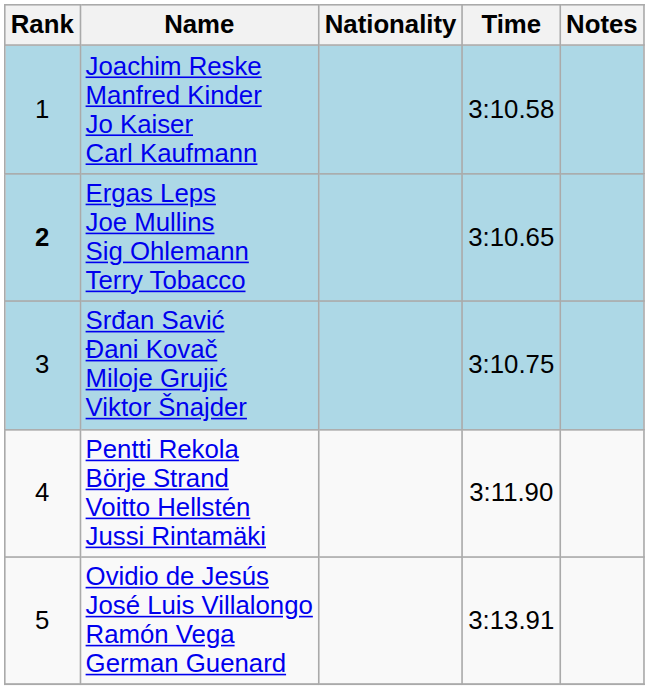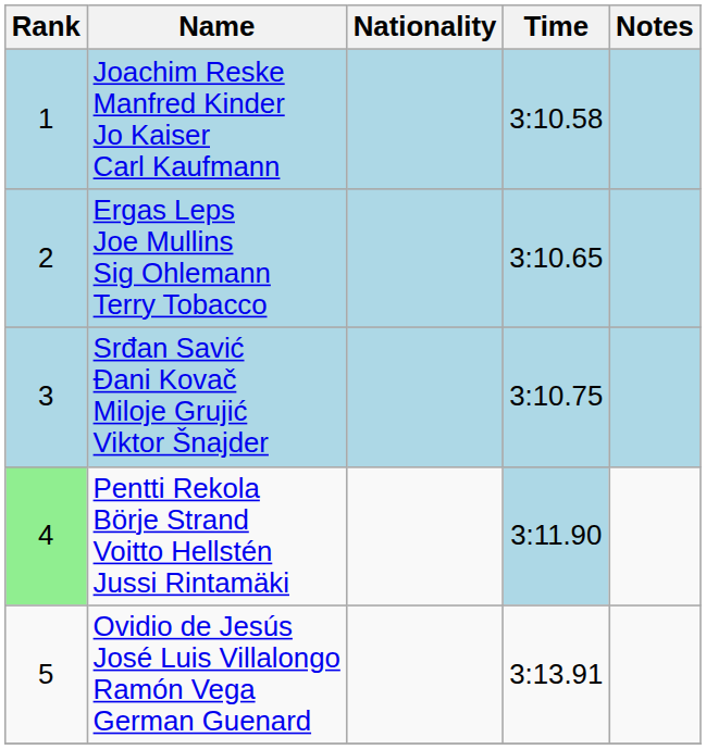 <table class="wikitable sortable" style="text-align:center">
 <tr>
 <th>Rank</th>
 <th>Name</th>
 <th>Nationality</th>
 <th>Time</th>
 <th>Notes</th>
 </tr>
 <tr bgcolor=lightblue>
 <td>1</td>
 <td align=left><a href='#'>Joachim Reske</a><br><a href='#'>Manfred Kinder</a><br><a href='#'>Jo Kaiser</a><br><a href='#'>Carl Kaufmann</a></td>
 <td align=left></td>
 <td>3:10.58</td>
 <td></td>
 </tr>
 <tr bgcolor=lightblue>
-<td><strong>2</strong></td>
+<td>2</td>
 <td align=left><a href='#'>Ergas Leps</a><br><a href='#'>Joe Mullins</a><br><a href='#'>Sig Ohlemann</a><br><a href='#'>Terry Tobacco</a></td>
 <td align=left></td>
 <td>3:10.65</td>
 <td></td>
 </tr>
 <tr bgcolor=lightblue>
 <td>3</td>
 <td align=left><a href='#'>Srđan Savić</a><br><a href='#'>Ðani Kovač</a><br><a href='#'>Miloje Grujić</a><br><a href='#'>Viktor Šnajder</a></td>
 <td align=left></td>
 <td>3:10.75</td>
 <td></td>
 </tr>
 <tr>
-<td>4</td>
+<td style="background: lightgreen;">4</td>
 <td align=left><a href='#'>Pentti Rekola</a><br><a href='#'>Börje Strand</a><br><a href='#'>Voitto Hellstén</a><br><a href='#'>Jussi Rintamäki</a></td>
 <td align=left></td>
-<td>3:11.90</td>
+<td style="background: lightblue;">3:11.90</td>
 <td></td>
 </tr>
 <tr>
 <td>5</td>
 <td align=left><a href='#'>Ovidio de Jesús</a><br><a href='#'>José Luis Villalongo</a><br><a href='#'>Ramón Vega</a><br><a href='#'>German Guenard</a></td>
 <td align=left></td>
 <td>3:13.91</td>
 <td></td>
 </tr>
 <tr>
 </tr>
 </table>
